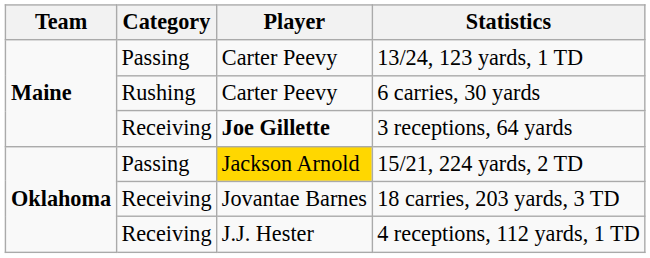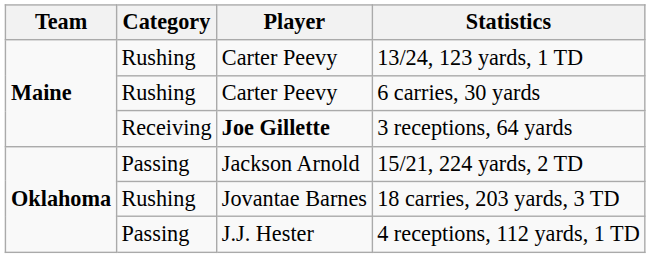 <table class="wikitable" style="float: right;">
 <tr>
 <th>Team</th>
 <th>Category</th>
 <th>Player</th>
 <th>Statistics</th>
 </tr>
 <tr>
 <td rowspan=3><strong>Maine</strong></td>
-<td>Passing</td>
+<td>Rushing</td>
 <td>Carter Peevy</td>
 <td>13/24, 123 yards, 1 TD</td>
 </tr>
 <tr>
 <td>Rushing</td>
 <td>Carter Peevy</td>
 <td>6 carries, 30 yards</td>
 </tr>
 <tr>
 <td>Receiving</td>
 <td><strong>Joe Gillette</strong></td>
 <td>3 receptions, 64 yards</td>
 </tr>
 <tr>
 <td rowspan=3><strong>Oklahoma  </strong></td>
 <td>Passing</td>
-<td style="background: gold;">Jackson Arnold</td>
+<td>Jackson Arnold</td>
 <td>15/21, 224 yards, 2 TD</td>
 </tr>
 <tr>
-<td>Receiving</td>
+<td>Rushing</td>
 <td>Jovantae Barnes</td>
 <td>18 carries, 203 yards, 3 TD</td>
 </tr>
 <tr>
-<td>Receiving</td>
+<td>Passing</td>
 <td>J.J. Hester</td>
 <td>4 receptions, 112 yards, 1 TD</td>
 </tr>
 </table>
